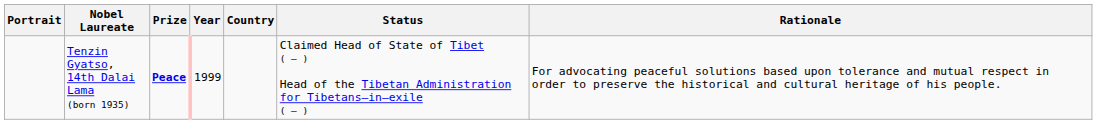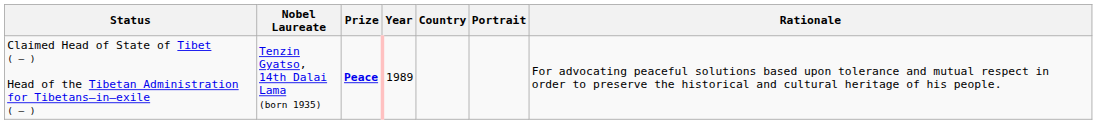 <table class="wikitable sortable sticky-header defaultleft col1center col2center static-row-numbers static-row-header-hash static-row-header-center">
 <tr>
-<th class="unsortable" style="align:center;">Portrait</th>
+<th>Status</th>
 <th>Nobel Laureate</th>
 <th>Prize<br></th>
 <th>Year<br></th>
 <th>Country</th>
-<th>Status</th>
+<th class="unsortable" style="align:center;">Portrait</th>
 <th class="unsortable">Rationale</th>
 </tr>
 <tr>
-<td></td>
+<td>Claimed Head of State of <a href='#'>Tibet</a><br><small>( – )</small><br><br>Head of the <a href='#'>Tibetan Administration for Tibetans–in–exile</a><br><small>( – )</small></td>
 <td><a href='#'>Tenzin Gyatso</a>,<br><a href='#'>14th Dalai Lama</a><br><small>(born 1935)</small></td>
 <td style="text-align:center;"><strong><a href='#'>Peace</a></strong></td>
-<td style="border-left: 4px solid #FFC1C1;">1999</td>
+<td style="border-left: 4px solid #FFC1C1;">1989</td>
 <td></td>
-<td>Claimed Head of State of <a href='#'>Tibet</a><br><small>( – )</small><br><br>Head of the <a href='#'>Tibetan Administration for Tibetans–in–exile</a><br><small>( – )</small></td>
+<td></td>
 <td>For advocating peaceful solutions based upon tolerance and mutual respect in order to preserve the historical and cultural heritage of his people.</td>
 </tr>
 </table>
